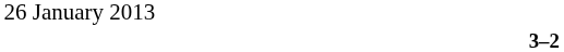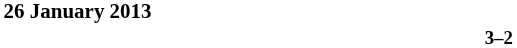 <table style="width:100%;" cellspacing="1">
 <tr>
 <th width=25%></th>
 <th width=10%></th>
 <th></th>
 </tr>
 <tr>
-<td>26 January 2013</td>
+<td><strong>26 January 2013</strong></td>
 </tr>
 <tr style=font-size:90%>
 <td align=right><strong></strong></td>
 <td align=center><strong>3–2</strong></td>
 <td><strong></strong></td>
 </tr>
 </table>
